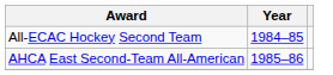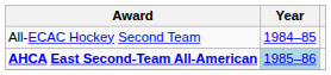 <table class="wikitable">
 <tr>
 <th>Award</th>
 <th>Year</th>
 <th></th>
 </tr>
 <tr>
 <td>All-<a href='#'>ECAC Hockey</a> <a href='#'>Second Team</a></td>
 <td><a href='#'>1984–85</a></td>
 <td></td>
 </tr>
 <tr>
-<td><a href='#'>AHCA</a> <a href='#'>East Second-Team All-American</a></td>
-<td><a href='#'>1985–86</a></td>
+<td><strong><a href='#'>AHCA</a> <a href='#'>East Second-Team All-American</a></strong></td>
+<td style="background: lightblue;"><a href='#'>1985–86</a></td>
 <td></td>
 </tr>
 <tr>
 </tr>
 </table>
